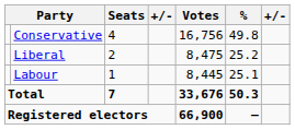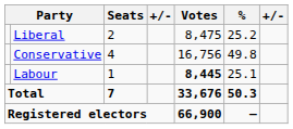 <table class="wikitable sortable">
 <tr>
 <th colspan="2">Party</th>
 <th>Seats</th>
 <th>+/-</th>
 <th>Votes</th>
 <th>%</th>
 <th>+/-</th>
+</tr>
+<tr>
+<td style="background-color: "></td>
+<td><a href='#'>Liberal</a></td>
+<td>2</td>
+<td></td>
+<td style="text-align:right;">8,475</td>
+<td style="text-align:right;">25.2</td>
+<td style="text-align:right;"></td>
 </tr>
 <tr>
 <td style="background-color: "></td>
 <td><a href='#'>Conservative</a></td>
 <td>4</td>
 <td></td>
 <td style="text-align:right;">16,756</td>
 <td style="text-align:right;">49.8</td>
 <td style="text-align:right;"></td>
 </tr>
 <tr>
 <td style="background-color: "></td>
-<td><a href='#'>Liberal</a></td>
-<td>2</td>
-<td></td>
-<td style="text-align:right;">8,475</td>
-<td style="text-align:right;">25.2</td>
-<td style="text-align:right;"></td>
-</tr>
-<tr>
-<td style="background-color: "></td>
 <td><a href='#'>Labour</a></td>
 <td>1</td>
 <td></td>
-<td style="text-align:right;">8,445</td>
+<td style="text-align:right;"><strong>8,445</strong></td>
 <td style="text-align:right;">25.1</td>
 <td style="text-align:right;"></td>
 </tr>
 <tr>
 <td colspan="2"><strong>Total</strong></td>
 <td><strong>7</strong></td>
 <td></td>
 <td style="text-align:right;"><strong>33,676</strong></td>
 <td style="text-align:right;"><strong>50.3</strong></td>
 <td style="text-align:right;"></td>
 </tr>
 <tr>
 <td colspan="4"><strong>Registered electors</strong></td>
 <td style="text-align:right;"><strong>66,900</strong></td>
 <td style="text-align:right;"><strong>–</strong></td>
 <td style="text-align:right;"></td>
 </tr>
 </table>
